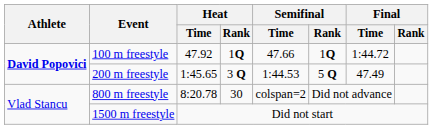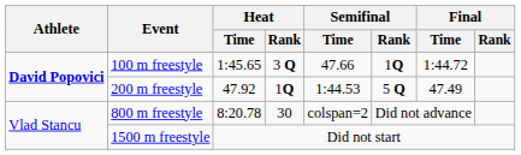 <table class=wikitable style="font-size:90%;">
 <tr>
 <th rowspan=2>Athlete</th>
 <th rowspan=2>Event</th>
 <th colspan=2>Heat</th>
 <th colspan=2>Semifinal</th>
 <th colspan=2>Final</th>
 </tr>
 <tr style="font-size:95%">
 <th>Time</th>
 <th>Rank</th>
 <th>Time</th>
 <th>Rank</th>
 <th>Time</th>
 <th>Rank</th>
 </tr>
 <tr align=center>
 <td align=left rowspan=2><strong><a href='#'>David Popovici</a></strong></td>
 <td align=left><a href='#'>100 m freestyle</a></td>
-<td>47.92</td>
-<td>1<strong>Q</strong></td>
+<td>1:45.65</td>
+<td>3 <strong>Q</strong></td>
 <td>47.66</td>
 <td>1<strong>Q</strong></td>
 <td>1:44.72</td>
 <td></td>
 </tr>
 <tr align=center>
 <td align=left><a href='#'>200 m freestyle</a></td>
-<td>1:45.65</td>
-<td>3 <strong>Q</strong></td>
+<td>47.92</td>
+<td>1<strong>Q</strong></td>
 <td>1:44.53</td>
 <td>5 <strong>Q</strong></td>
 <td>47.49</td>
 <td></td>
 </tr>
 <tr align=center>
 <td align=left rowspan=2><a href='#'>Vlad Stancu</a></td>
 <td align=left><a href='#'>800 m freestyle</a></td>
 <td>8:20.78</td>
 <td>30</td>
 <td>colspan=2 </td>
 <td colspan="2">Did not advance</td>
 </tr>
 <tr align=center>
 <td align=left><a href='#'>1500 m freestyle</a></td>
 <td colspan=6>Did not start</td>
 </tr>
 </table>
